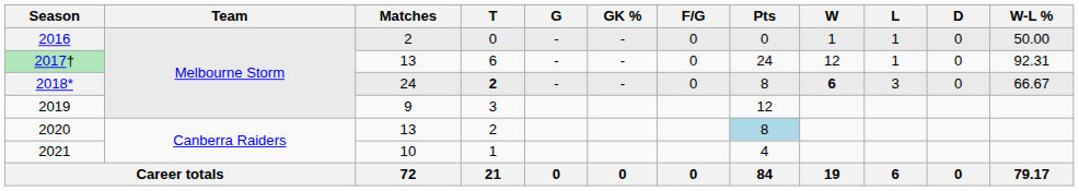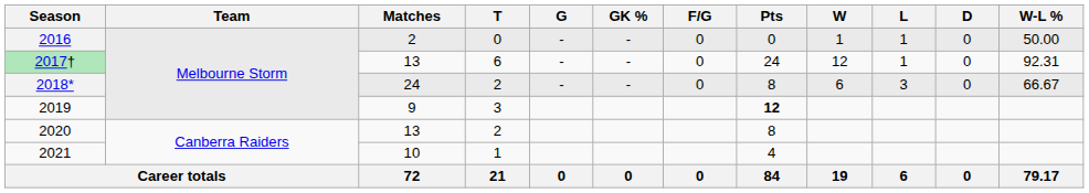 <table class="wikitable sortable"  style="font-size:90%; text-align:center; width:85%;">
 <tr>
 <th width=2%>Season</th>
 <th width=8%>Team</th>
 <th width=2%>Matches</th>
 <th width=2%>T</th>
 <th width=2%>G</th>
 <th width=2%>GK %</th>
 <th width=2%>F/G</th>
 <th width=2%>Pts</th>
 <th width=2%>W</th>
 <th width=2%>L</th>
 <th width=2%>D</th>
 <th width=2%>W-L %</th>
 </tr>
 <tr style="background-color: #EAEAEA">
 <th scope="row" style="text-align:center; font-weight:normal"><a href='#'>2016</a></th>
 <td rowspan="4" style="text-align:center;"> <a href='#'>Melbourne Storm</a></td>
 <td>2</td>
 <td>0</td>
 <td>-</td>
 <td>-</td>
 <td>0</td>
 <td>0</td>
 <td>1</td>
 <td>1</td>
 <td>0</td>
 <td>50.00</td>
 </tr>
 <tr>
 <th scope="row" style="text-align:center;background:#afe6ba; font-weight:normal"><a href='#'>2017</a>†</th>
 <td>13</td>
 <td>6</td>
 <td>-</td>
 <td>-</td>
 <td>0</td>
 <td>24</td>
 <td>12</td>
 <td>1</td>
 <td>0</td>
 <td>92.31</td>
 </tr>
 <tr style="background-color: #EAEAEA">
 <th scope="row" style="text-align:center; font-weight:normal"><a href='#'>2018*</a></th>
 <td>24</td>
-<td><strong>2</strong></td>
+<td>2</td>
 <td>-</td>
 <td>-</td>
 <td>0</td>
 <td>8</td>
-<td><strong>6</strong></td>
+<td>6</td>
 <td>3</td>
 <td>0</td>
 <td>66.67</td>
 </tr>
 <tr>
 <td>2019</td>
 <td>9</td>
 <td>3</td>
 <td></td>
 <td></td>
 <td></td>
-<td>12</td>
+<td><strong>12</strong></td>
 <td></td>
 <td></td>
 <td></td>
 <td></td>
 </tr>
 <tr>
 <td>2020</td>
 <td rowspan="2"> <a href='#'>Canberra Raiders</a></td>
 <td>13</td>
 <td>2</td>
 <td></td>
 <td></td>
 <td></td>
-<td style="background: lightblue;">8</td>
+<td>8</td>
 <td></td>
 <td></td>
 <td></td>
 <td></td>
 </tr>
 <tr>
 <td>2021</td>
 <td>10</td>
 <td>1</td>
 <td></td>
 <td></td>
 <td></td>
 <td>4</td>
 <td></td>
 <td></td>
 <td></td>
 <td></td>
 </tr>
 <tr class="sortbottom">
 <th colspan="2">Career totals</th>
 <th>72</th>
 <th>21</th>
 <th>0</th>
 <th>0</th>
 <th>0</th>
 <th>84</th>
 <th>19</th>
 <th>6</th>
 <th>0</th>
 <th>79.17</th>
 </tr>
 </table>
